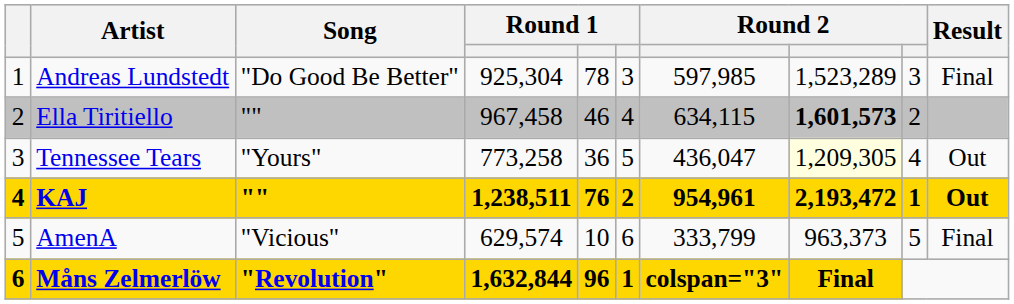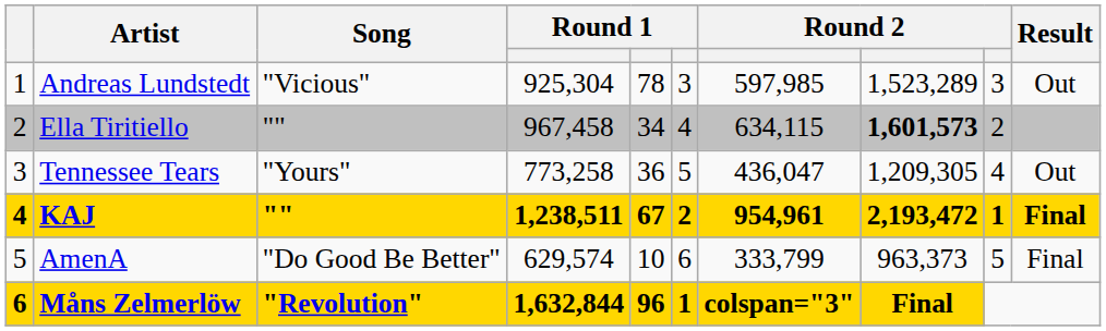 <table class="sortable wikitable" style="margin: 1em auto 1em auto; text-align:center;">
 <tr>
 <th rowspan="2"></th>
 <th rowspan="2">Artist</th>
 <th rowspan="2">Song</th>
 <th colspan="3">Round 1</th>
 <th colspan="3">Round 2</th>
 <th rowspan="2" class="unsortable">Result</th>
 </tr>
 <tr>
 <th></th>
 <th></th>
 <th></th>
 <th></th>
 <th></th>
 <th></th>
 </tr>
 <tr>
 <td>1</td>
 <td align="left"><a href='#'>Andreas Lundstedt</a></td>
-<td align="left">"Do Good Be Better"</td>
+<td align="left">"Vicious"</td>
 <td>925,304</td>
 <td>78</td>
 <td>3</td>
 <td>597,985</td>
 <td>1,523,289</td>
 <td>3</td>
-<td>Final</td>
+<td>Out</td>
 </tr>
 <tr style="background:silver;">
 <td>2</td>
 <td align="left"><a href='#'>Ella Tiritiello</a></td>
 <td align="left">""</td>
 <td>967,458</td>
-<td>46</td>
+<td>34</td>
 <td>4</td>
 <td>634,115</td>
 <td><strong>1,601,573</strong></td>
 <td>2</td>
 <td><strong></strong></td>
 </tr>
 <tr>
 <td>3</td>
 <td align="left"><a href='#'>Tennessee Tears</a></td>
 <td align="left">"Yours"</td>
 <td>773,258</td>
 <td>36</td>
 <td>5</td>
 <td>436,047</td>
-<td style="background: lightyellow;">1,209,305</td>
+<td>1,209,305</td>
 <td>4</td>
 <td>Out</td>
 </tr>
 <tr style="background:gold; font-weight:bold;">
 <td>4</td>
 <td align="left"><a href='#'>KAJ</a></td>
 <td align="left">""</td>
 <td>1,238,511</td>
-<td>76</td>
+<td>67</td>
 <td>2</td>
 <td>954,961</td>
 <td>2,193,472</td>
 <td>1</td>
-<td>Out</td>
+<td>Final</td>
 </tr>
 <tr>
 <td>5</td>
 <td align="left"><a href='#'>AmenA</a></td>
-<td align="left">"Vicious"</td>
+<td align="left">"Do Good Be Better"</td>
 <td>629,574</td>
 <td>10</td>
 <td>6</td>
 <td>333,799</td>
 <td>963,373</td>
 <td>5</td>
 <td>Final</td>
 </tr>
 <tr style="background:gold; font-weight:bold;">
 <td>6</td>
 <td align="left"><a href='#'>Måns Zelmerlöw</a></td>
 <td align="left">"<a href='#'>Revolution</a>"</td>
 <td>1,632,844</td>
 <td>96</td>
 <td>1</td>
 <td>colspan="3" </td>
 <td>Final</td>
 </tr>
 </table>
